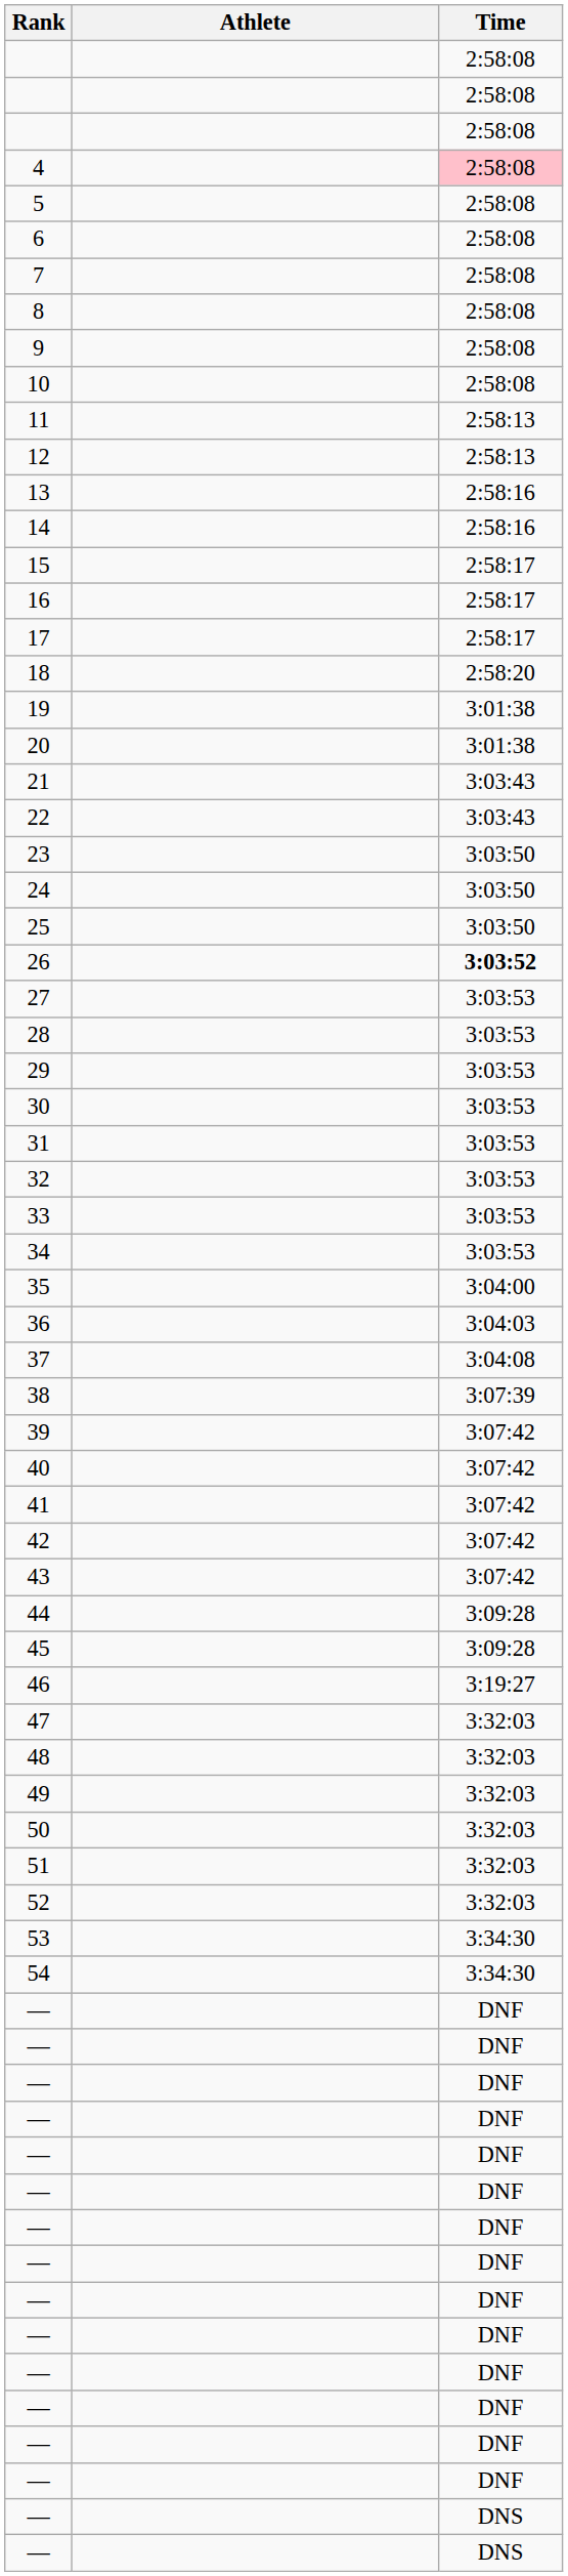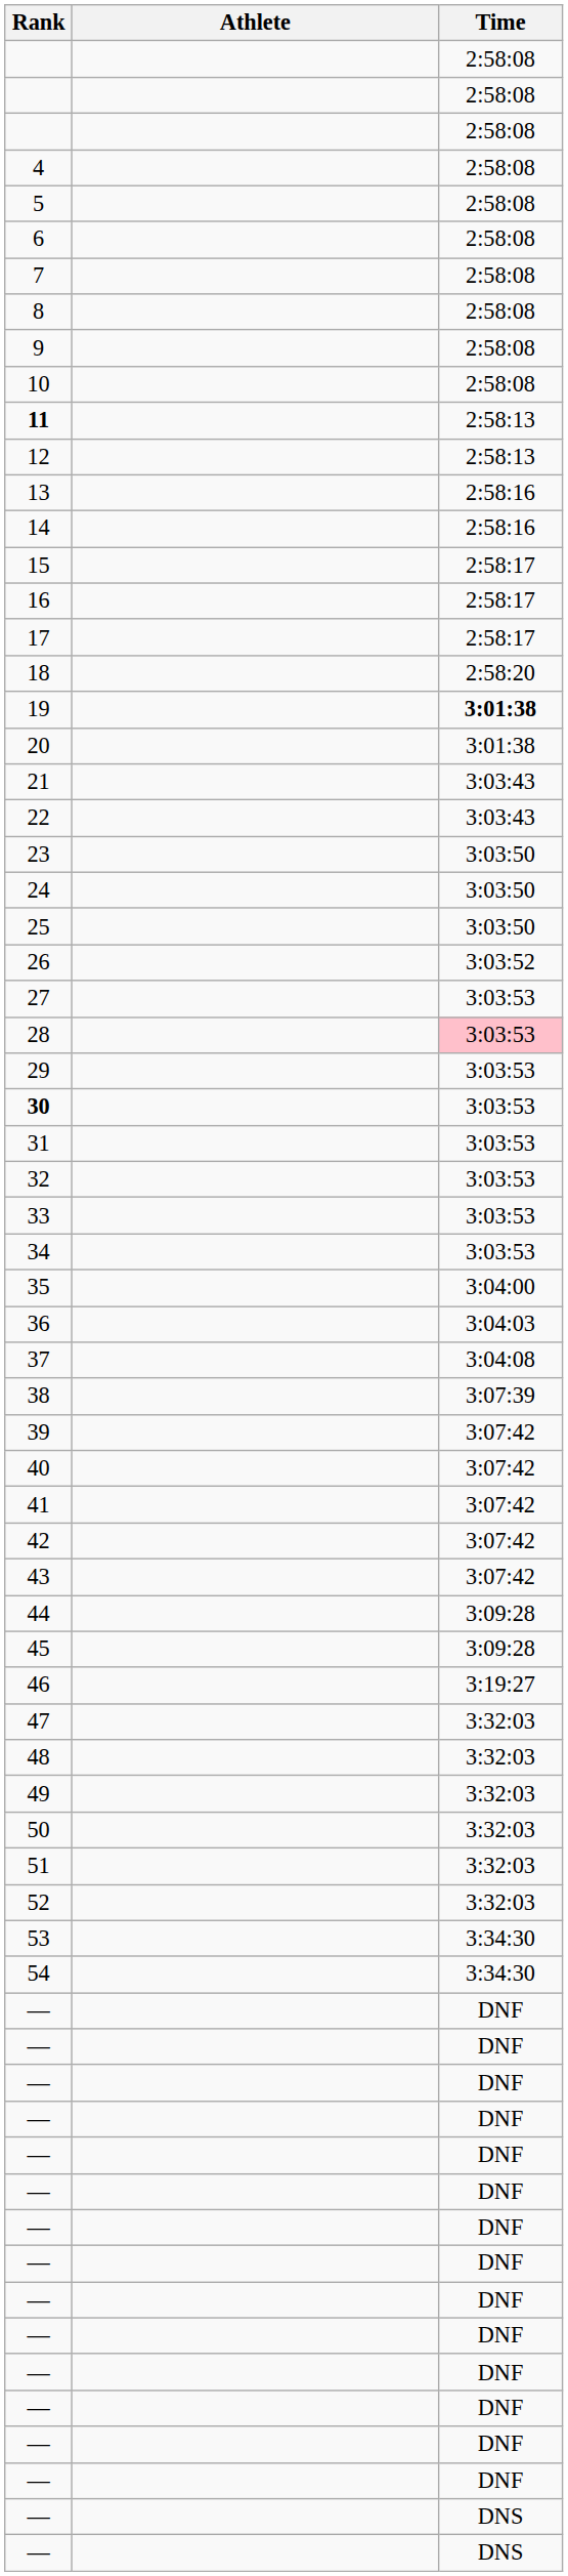 <table class=wikitable style="text-align:center">
 <tr>
 <th width=40>Rank</th>
 <th width=250>Athlete</th>
 <th width=80>Time</th>
 </tr>
 <tr>
 <td></td>
 <td align="left"></td>
 <td>2:58:08</td>
 </tr>
 <tr>
 <td></td>
 <td align="left"></td>
 <td>2:58:08</td>
 </tr>
 <tr>
 <td></td>
 <td align="left"></td>
 <td>2:58:08</td>
 </tr>
 <tr>
 <td>4</td>
 <td align="left"></td>
-<td style="background: pink;">2:58:08</td>
+<td>2:58:08</td>
 </tr>
 <tr>
 <td>5</td>
 <td align="left"></td>
 <td>2:58:08</td>
 </tr>
 <tr>
 <td>6</td>
 <td align="left"></td>
 <td>2:58:08</td>
 </tr>
 <tr>
 <td>7</td>
 <td align="left"></td>
 <td>2:58:08</td>
 </tr>
 <tr>
 <td>8</td>
 <td align="left"></td>
 <td>2:58:08</td>
 </tr>
 <tr>
 <td>9</td>
 <td align="left"></td>
 <td>2:58:08</td>
 </tr>
 <tr>
 <td>10</td>
 <td align="left"></td>
 <td>2:58:08</td>
 </tr>
 <tr>
-<td>11</td>
+<td><strong>11</strong></td>
 <td align="left"></td>
 <td>2:58:13</td>
 </tr>
 <tr>
 <td>12</td>
 <td align="left"></td>
 <td>2:58:13</td>
 </tr>
 <tr>
 <td>13</td>
 <td align="left"></td>
 <td>2:58:16</td>
 </tr>
 <tr>
 <td>14</td>
 <td align="left"></td>
 <td>2:58:16</td>
 </tr>
 <tr>
 <td>15</td>
 <td align="left"></td>
 <td>2:58:17</td>
 </tr>
 <tr>
 <td>16</td>
 <td align="left"></td>
 <td>2:58:17</td>
 </tr>
 <tr>
 <td>17</td>
 <td align="left"></td>
 <td>2:58:17</td>
 </tr>
 <tr>
 <td>18</td>
 <td align="left"></td>
 <td>2:58:20</td>
 </tr>
 <tr>
 <td>19</td>
 <td align="left"></td>
-<td>3:01:38</td>
+<td><strong>3:01:38</strong></td>
 </tr>
 <tr>
 <td>20</td>
 <td align="left"></td>
 <td>3:01:38</td>
 </tr>
 <tr>
 <td>21</td>
 <td align="left"></td>
 <td>3:03:43</td>
 </tr>
 <tr>
 <td>22</td>
 <td align="left"></td>
 <td>3:03:43</td>
 </tr>
 <tr>
 <td>23</td>
 <td align="left"></td>
 <td>3:03:50</td>
 </tr>
 <tr>
 <td>24</td>
 <td align="left"></td>
 <td>3:03:50</td>
 </tr>
 <tr>
 <td>25</td>
 <td align="left"></td>
 <td>3:03:50</td>
 </tr>
 <tr>
 <td>26</td>
 <td align="left"></td>
-<td><strong>3:03:52</strong></td>
+<td>3:03:52</td>
 </tr>
 <tr>
 <td>27</td>
 <td align="left"></td>
 <td>3:03:53</td>
 </tr>
 <tr>
 <td>28</td>
 <td align="left"></td>
-<td>3:03:53</td>
+<td style="background: pink;">3:03:53</td>
 </tr>
 <tr>
 <td>29</td>
 <td align="left"></td>
 <td>3:03:53</td>
 </tr>
 <tr>
-<td>30</td>
+<td><strong>30</strong></td>
 <td align="left"></td>
 <td>3:03:53</td>
 </tr>
 <tr>
 <td>31</td>
 <td align="left"></td>
 <td>3:03:53</td>
 </tr>
 <tr>
 <td>32</td>
 <td align="left"></td>
 <td>3:03:53</td>
 </tr>
 <tr>
 <td>33</td>
 <td align="left"></td>
 <td>3:03:53</td>
 </tr>
 <tr>
 <td>34</td>
 <td align="left"></td>
 <td>3:03:53</td>
 </tr>
 <tr>
 <td>35</td>
 <td align="left"></td>
 <td>3:04:00</td>
 </tr>
 <tr>
 <td>36</td>
 <td align="left"></td>
 <td>3:04:03</td>
 </tr>
 <tr>
 <td>37</td>
 <td align="left"></td>
 <td>3:04:08</td>
 </tr>
 <tr>
 <td>38</td>
 <td align="left"></td>
 <td>3:07:39</td>
 </tr>
 <tr>
 <td>39</td>
 <td align="left"></td>
 <td>3:07:42</td>
 </tr>
 <tr>
 <td>40</td>
 <td align="left"></td>
 <td>3:07:42</td>
 </tr>
 <tr>
 <td>41</td>
 <td align="left"></td>
 <td>3:07:42</td>
 </tr>
 <tr>
 <td>42</td>
 <td align="left"></td>
 <td>3:07:42</td>
 </tr>
 <tr>
 <td>43</td>
 <td align="left"></td>
 <td>3:07:42</td>
 </tr>
 <tr>
 <td>44</td>
 <td align="left"></td>
 <td>3:09:28</td>
 </tr>
 <tr>
 <td>45</td>
 <td align="left"></td>
 <td>3:09:28</td>
 </tr>
 <tr>
 <td>46</td>
 <td align="left"></td>
 <td>3:19:27</td>
 </tr>
 <tr>
 <td>47</td>
 <td align="left"></td>
 <td>3:32:03</td>
 </tr>
 <tr>
 <td>48</td>
 <td align="left"></td>
 <td>3:32:03</td>
 </tr>
 <tr>
 <td>49</td>
 <td align="left"></td>
 <td>3:32:03</td>
 </tr>
 <tr>
 <td>50</td>
 <td align="left"></td>
 <td>3:32:03</td>
 </tr>
 <tr>
 <td>51</td>
 <td align="left"></td>
 <td>3:32:03</td>
 </tr>
 <tr>
 <td>52</td>
 <td align="left"></td>
 <td>3:32:03</td>
 </tr>
 <tr>
 <td>53</td>
 <td align="left"></td>
 <td>3:34:30</td>
 </tr>
 <tr>
 <td>54</td>
 <td align="left"></td>
 <td>3:34:30</td>
 </tr>
 <tr>
 <td>—</td>
 <td align="left"></td>
 <td>DNF</td>
 </tr>
 <tr>
 <td>—</td>
 <td align="left"></td>
 <td>DNF</td>
 </tr>
 <tr>
 <td>—</td>
 <td align="left"></td>
 <td>DNF</td>
 </tr>
 <tr>
 <td>—</td>
 <td align="left"></td>
 <td>DNF</td>
 </tr>
 <tr>
 <td>—</td>
 <td align="left"></td>
 <td>DNF</td>
 </tr>
 <tr>
 <td>—</td>
 <td align="left"></td>
 <td>DNF</td>
 </tr>
 <tr>
 <td>—</td>
 <td align="left"></td>
 <td>DNF</td>
 </tr>
 <tr>
 <td>—</td>
 <td align="left"></td>
 <td>DNF</td>
 </tr>
 <tr>
 <td>—</td>
 <td align="left"></td>
 <td>DNF</td>
 </tr>
 <tr>
 <td>—</td>
 <td align="left"></td>
 <td>DNF</td>
 </tr>
 <tr>
 <td>—</td>
 <td align="left"></td>
 <td>DNF</td>
 </tr>
 <tr>
 <td>—</td>
 <td align="left"></td>
 <td>DNF</td>
 </tr>
 <tr>
 <td>—</td>
 <td align="left"></td>
 <td>DNF</td>
 </tr>
 <tr>
 <td>—</td>
 <td align="left"></td>
 <td>DNF</td>
 </tr>
 <tr>
 <td>—</td>
 <td align="left"></td>
 <td>DNS</td>
 </tr>
 <tr>
 <td>—</td>
 <td align="left"></td>
 <td>DNS</td>
 </tr>
 </table>
